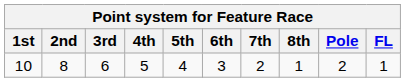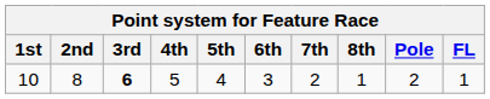 <table class="wikitable" style="font-size:95%; text-align:center">
 <tr>
 <th colspan="10">Point system for Feature Race</th>
 </tr>
 <tr>
 <th> 1st </th>
 <th> 2nd </th>
 <th> 3rd </th>
 <th> 4th </th>
 <th> 5th </th>
 <th> 6th </th>
 <th> 7th </th>
 <th> 8th </th>
 <th> <strong><a href='#'>Pole</a></strong> </th>
 <th> <strong><a href='#'>FL</a></strong> </th>
 </tr>
 <tr>
 <td>10</td>
 <td>8</td>
-<td>6</td>
+<td><strong>6</strong></td>
 <td>5</td>
 <td>4</td>
 <td>3</td>
 <td>2</td>
 <td>1</td>
 <td>2</td>
 <td>1</td>
 </tr>
 </table>
